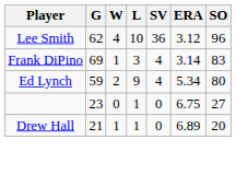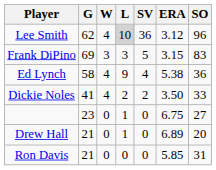 <table class="wikitable sortable" style="text-align:center">
 <tr>
 <th>Player</th>
 <th>G</th>
 <th>W</th>
 <th>L</th>
 <th>SV</th>
 <th>ERA</th>
 <th>SO</th>
 </tr>
 <tr>
 <td><a href='#'>Lee Smith</a></td>
 <td>62</td>
 <td>4</td>
-<td>10</td>
+<td style="background: lightgrey;">10</td>
 <td>36</td>
 <td>3.12</td>
 <td>96</td>
 </tr>
 <tr>
 <td><a href='#'>Frank DiPino</a></td>
 <td>69</td>
-<td>1</td>
 <td>3</td>
-<td>4</td>
-<td>3.14</td>
+<td>3</td>
+<td>5</td>
+<td>3.15</td>
 <td>83</td>
 </tr>
 <tr>
 <td><a href='#'>Ed Lynch</a></td>
-<td>59</td>
-<td>2</td>
+<td>58</td>
+<td>4</td>
 <td>9</td>
 <td>4</td>
-<td>5.34</td>
-<td>80</td>
+<td>5.38</td>
+<td>36</td>
+</tr>
+<tr>
+<td><a href='#'>Dickie Noles</a></td>
+<td>41</td>
+<td>4</td>
+<td>2</td>
+<td>2</td>
+<td>3.50</td>
+<td>33</td>
 </tr>
 <tr>
 <td></td>
 <td>23</td>
 <td>0</td>
 <td>1</td>
 <td>0</td>
 <td>6.75</td>
 <td>27</td>
 </tr>
 <tr>
 <td><a href='#'>Drew Hall</a></td>
 <td>21</td>
-<td>1</td>
+<td>0</td>
 <td>1</td>
 <td>0</td>
 <td>6.89</td>
 <td>20</td>
 </tr>
+<tr>
+<td><a href='#'>Ron Davis</a></td>
+<td>21</td>
+<td>0</td>
+<td>0</td>
+<td>0</td>
+<td>5.85</td>
+<td>31</td>
+</tr>
 </table>
